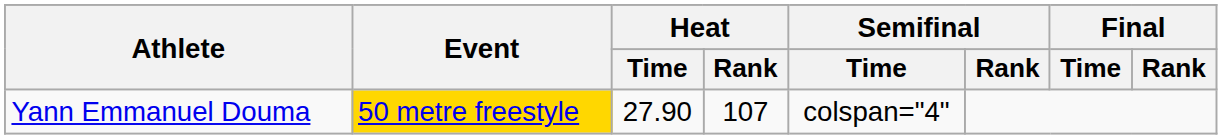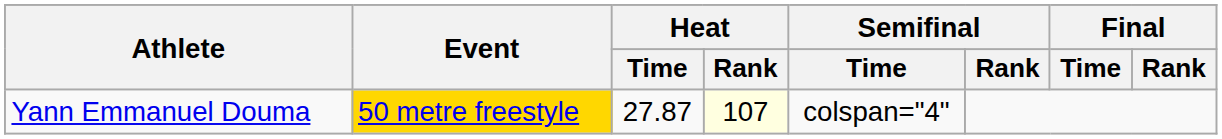 <table class="wikitable" style="text-align:center; font-size:90%; width:50%;">
 <tr>
 <th rowspan="2">Athlete</th>
 <th rowspan="2">Event</th>
 <th colspan="2">Heat</th>
 <th colspan="2">Semifinal</th>
 <th colspan="2">Final</th>
 </tr>
 <tr style="font-size:95%">
 <th>Time</th>
 <th>Rank</th>
 <th>Time</th>
 <th>Rank</th>
 <th>Time</th>
 <th>Rank</th>
 </tr>
 <tr align=center>
 <td align=left><a href='#'>Yann Emmanuel Douma</a></td>
 <td align=left style="background: gold;"><a href='#'>50 metre freestyle</a></td>
-<td>27.90</td>
-<td>107</td>
+<td>27.87</td>
+<td style="background: lightyellow;">107</td>
 <td>colspan="4" </td>
 </tr>
 </table>
